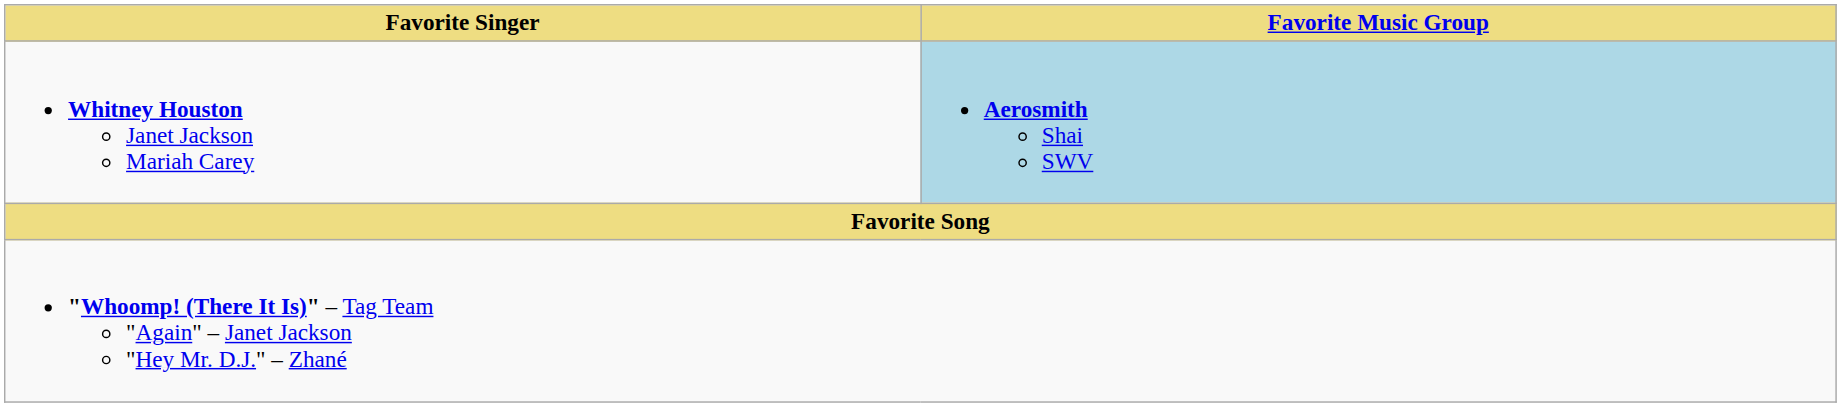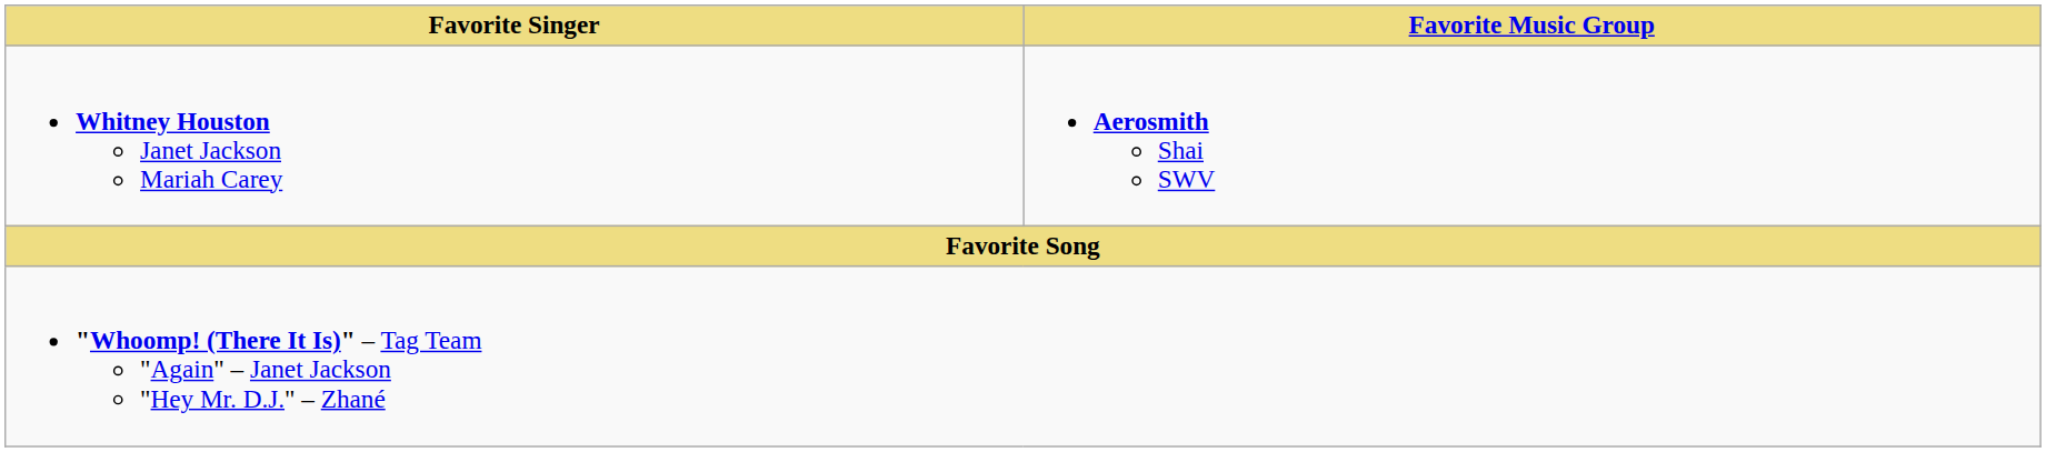 <table class="wikitable" style="width:100%">
 <tr>
 <th style="background:#EEDD82; width:50%">Favorite Singer</th>
 <th style="background:#EEDD82; width:50%"><a href='#'>Favorite Music Group</a></th>
 </tr>
 <tr>
 <td valign="top"><br><ul><li><strong><a href='#'>Whitney Houston</a></strong><ul><li><a href='#'>Janet Jackson</a></li><li><a href='#'>Mariah Carey</a></li></ul></li></ul></td>
-<td valign="top" style="background: lightblue;"><br><ul><li><strong><a href='#'>Aerosmith</a></strong><ul><li><a href='#'>Shai</a></li><li><a href='#'>SWV</a></li></ul></li></ul></td>
+<td valign="top"><br><ul><li><strong><a href='#'>Aerosmith</a></strong><ul><li><a href='#'>Shai</a></li><li><a href='#'>SWV</a></li></ul></li></ul></td>
 </tr>
 <tr>
 <th style="background:#EEDD82;" colspan="2">Favorite Song</th>
 </tr>
 <tr>
 <td colspan="2" valign="top"><br><ul><li><strong>"<a href='#'>Whoomp! (There It Is)</a>"</strong> – <a href='#'>Tag Team</a><ul><li>"<a href='#'>Again</a>" – <a href='#'>Janet Jackson</a></li><li>"<a href='#'>Hey Mr. D.J.</a>" – <a href='#'>Zhané</a></li></ul></li></ul></td>
 </tr>
 </table>
